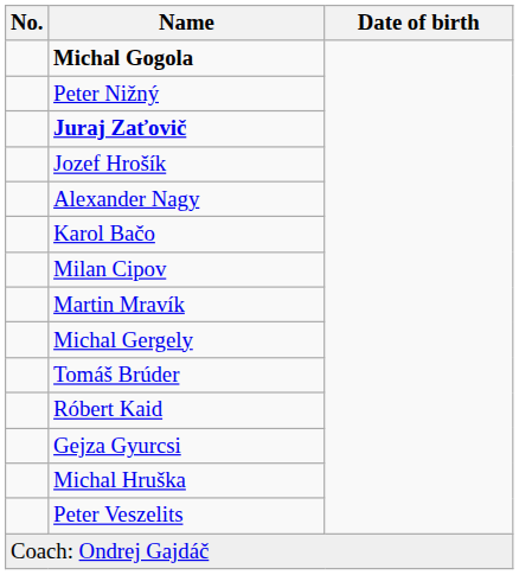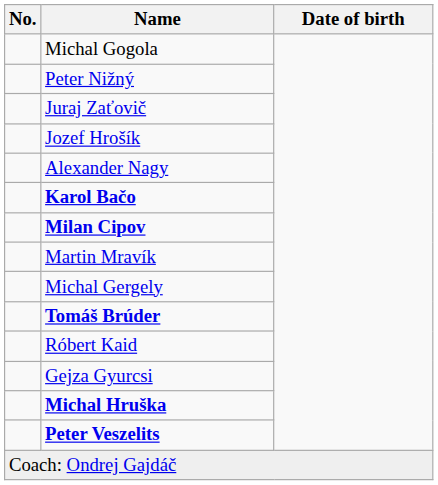 <table class=wikitable sortable style=font-size:100%; text-align:center;>
 <tr>
 <th>No.</th>
 <th style=width:12em>Name</th>
 <th style=width:8em>Date of birth</th>
 </tr>
 <tr>
 <td></td>
-<td align=left><strong>Michal Gogola</strong></td>
+<td align=left>Michal Gogola</td>
 </tr>
 <tr>
 <td></td>
 <td align=left><a href='#'>Peter Nižný</a></td>
 </tr>
 <tr>
 <td></td>
-<td align=left><strong><a href='#'>Juraj Zaťovič</a></strong></td>
+<td align=left><a href='#'>Juraj Zaťovič</a></td>
 </tr>
 <tr>
 <td></td>
 <td align=left><a href='#'>Jozef Hrošík</a></td>
 </tr>
 <tr>
 <td></td>
 <td align=left><a href='#'>Alexander Nagy</a></td>
 </tr>
 <tr>
 <td></td>
-<td align=left><a href='#'>Karol Bačo</a></td>
+<td align=left><strong><a href='#'>Karol Bačo</a></strong></td>
 </tr>
 <tr>
 <td></td>
-<td align=left><a href='#'>Milan Cipov</a></td>
+<td align=left><strong><a href='#'>Milan Cipov</a></strong></td>
 </tr>
 <tr>
 <td></td>
 <td align=left><a href='#'>Martin Mravík</a></td>
 </tr>
 <tr>
 <td></td>
 <td align=left><a href='#'>Michal Gergely</a></td>
 </tr>
 <tr>
 <td></td>
-<td align=left><a href='#'>Tomáš Brúder</a></td>
+<td align=left><strong><a href='#'>Tomáš Brúder</a></strong></td>
 </tr>
 <tr>
 <td></td>
 <td align=left><a href='#'>Róbert Kaid</a></td>
 </tr>
 <tr>
 <td></td>
 <td align=left><a href='#'>Gejza Gyurcsi</a></td>
 </tr>
 <tr>
 <td></td>
-<td align=left><a href='#'>Michal Hruška</a></td>
+<td align=left><strong><a href='#'>Michal Hruška</a></strong></td>
 </tr>
 <tr>
 <td></td>
-<td align=left><a href='#'>Peter Veszelits</a></td>
+<td align=left><strong><a href='#'>Peter Veszelits</a></strong></td>
 </tr>
 <tr style=background:#efefef;>
 <td colspan=3 style=text-align:left;>Coach: <a href='#'>Ondrej Gajdáč</a></td>
 </tr>
 </table>
